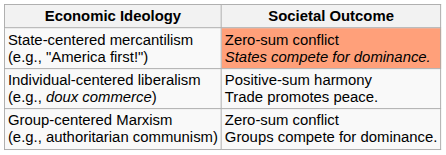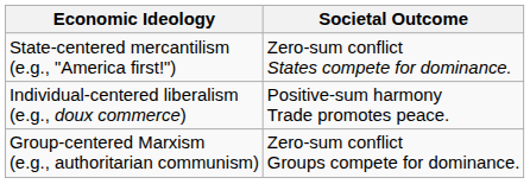 <table class="wikitable">
 <tr>
 <th>Economic Ideology</th>
 <th>Societal Outcome</th>
 </tr>
 <tr>
 <td>State-centered mercantilism<br>(e.g., "America first!")</td>
-<td style="background: lightsalmon;">Zero-sum conflict<br><em>States compete for dominance.</em></td>
+<td>Zero-sum conflict<br><em>States compete for dominance.</em></td>
 </tr>
 <tr>
 <td>Individual-centered liberalism<br>(e.g., <em>doux commerce</em>)</td>
 <td>Positive-sum harmony<br>Trade promotes peace.</td>
 </tr>
 <tr>
 <td>Group-centered Marxism<br>(e.g., authoritarian communism)</td>
 <td>Zero-sum conflict<br>Groups compete for dominance.</td>
 </tr>
 </table>
